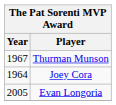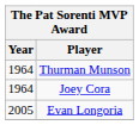 <table class="wikitable" style="display: inline-table; margin-right: 20px; text-align:center">
 <tr>
 <th scope="col" colspan="2" style="width: 145px;">The Pat Sorenti MVP Award</th>
 </tr>
 <tr>
 <th scope="col">Year</th>
 <th scope="col">Player</th>
 </tr>
 <tr>
-<td>1967</td>
+<td>1964</td>
 <td><a href='#'>Thurman Munson</a></td>
 </tr>
 <tr>
 <td>1964</td>
 <td><a href='#'>Joey Cora</a></td>
 </tr>
 <tr>
 <td>2005</td>
 <td><a href='#'>Evan Longoria</a></td>
 </tr>
 <tr>
 </tr>
 </table>
